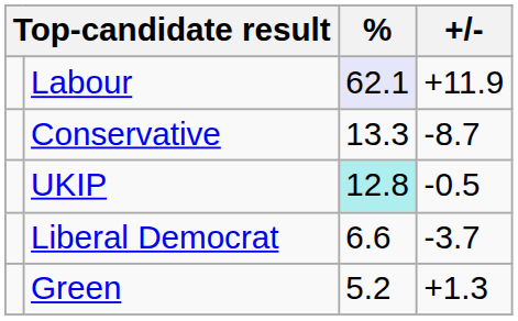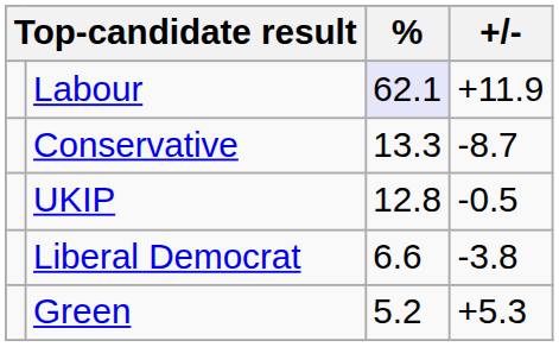 <table class="wikitable">
 <tr>
 <th colspan="2">Top-candidate result</th>
 <th>%</th>
 <th>+/-</th>
 </tr>
 <tr>
 <td style="background-color: "></td>
 <td><a href='#'>Labour</a></td>
 <td style="background: lavender;">62.1</td>
 <td><span>+11.9</span></td>
 </tr>
 <tr>
 <td style="background-color: "></td>
 <td><a href='#'>Conservative</a></td>
 <td>13.3</td>
 <td><span>-8.7</span></td>
 </tr>
 <tr>
 <td style="background-color: "></td>
 <td><a href='#'>UKIP</a></td>
-<td style="background: paleturquoise;">12.8</td>
+<td>12.8</td>
 <td><span>-0.5</span></td>
 </tr>
 <tr>
 <td style="background-color: "></td>
 <td><a href='#'>Liberal Democrat</a></td>
 <td>6.6</td>
-<td><span>-3.7</span></td>
+<td><span>-3.8</span></td>
 </tr>
 <tr>
 <td style="background-color: "></td>
 <td><a href='#'>Green</a></td>
 <td>5.2</td>
-<td><span>+1.3</span></td>
+<td><span>+5.3</span></td>
 </tr>
 </table>
